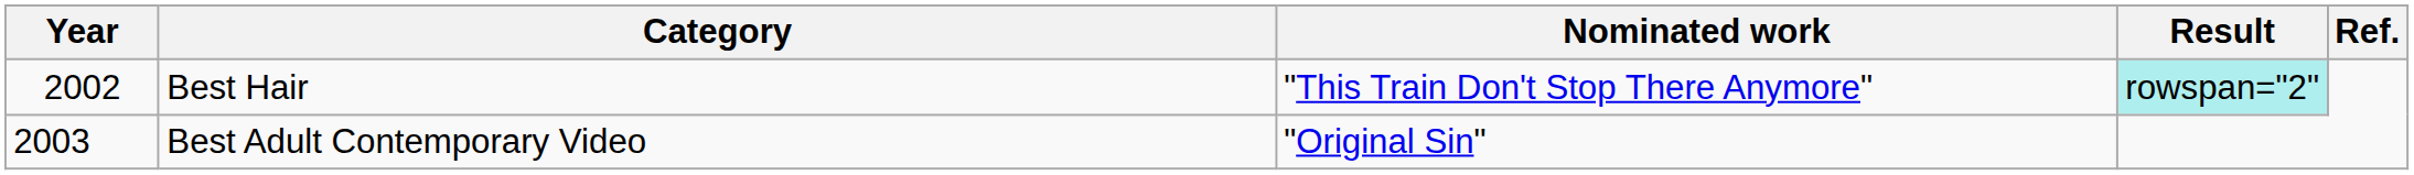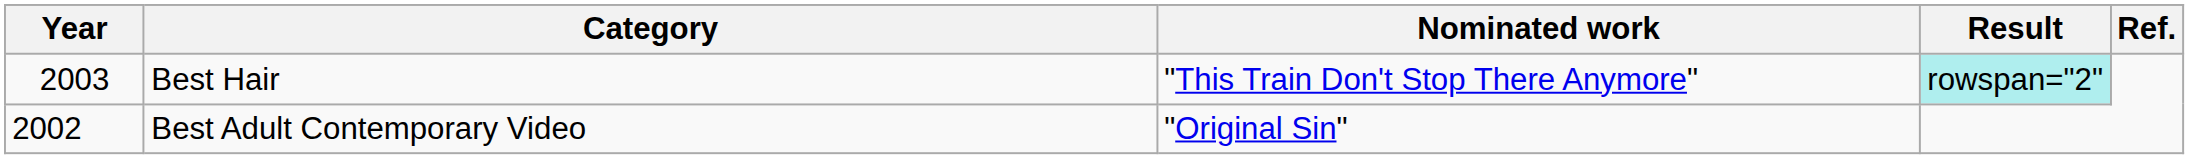 <table class=wikitable>
 <tr>
 <th scope="col" style="width:4em;">Year</th>
 <th scope="col" style="width:32em;">Category</th>
 <th scope="col" style="width:24em;">Nominated work</th>
 <th scope="col" style="width:5em;">Result</th>
 <th>Ref.</th>
 </tr>
 <tr>
-<td style="text-align:center;">2002</td>
+<td style="text-align:center;">2003</td>
 <td>Best Hair</td>
 <td>"<a href='#'>This Train Don't Stop There Anymore</a>"</td>
 <td style="background: paleturquoise;">rowspan="2" </td>
 </tr>
 <tr>
-<td>2003</td>
+<td>2002</td>
 <td>Best Adult Contemporary Video</td>
 <td>"<a href='#'>Original Sin</a>"</td>
 </tr>
 </table>
